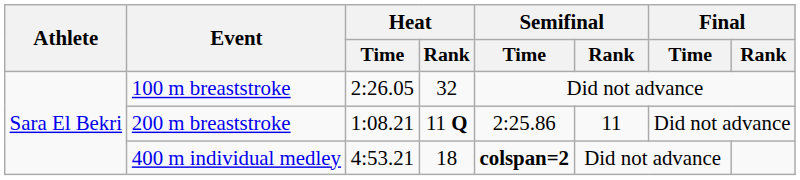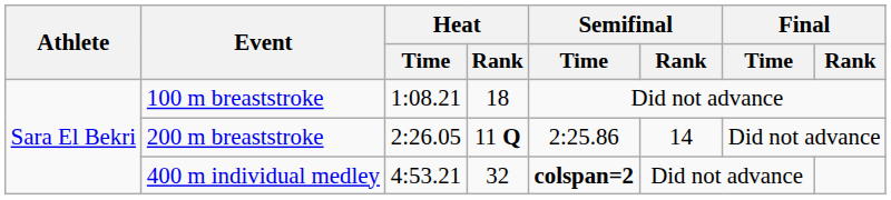 <table class=wikitable style="font-size:90%">
 <tr>
 <th rowspan="2">Athlete</th>
 <th rowspan="2">Event</th>
 <th colspan="2">Heat</th>
 <th colspan="2">Semifinal</th>
 <th colspan="2">Final</th>
 </tr>
 <tr style="font-size:95%">
 <th>Time</th>
 <th>Rank</th>
 <th>Time</th>
 <th>Rank</th>
 <th>Time</th>
 <th>Rank</th>
 </tr>
 <tr align=center>
 <td align=left rowspan=3><a href='#'>Sara El Bekri</a></td>
 <td align=left><a href='#'>100 m breaststroke</a></td>
-<td>2:26.05</td>
-<td>32</td>
+<td>1:08.21</td>
+<td>18</td>
 <td colspan=4>Did not advance</td>
 </tr>
 <tr align=center>
 <td align=left><a href='#'>200 m breaststroke</a></td>
-<td>1:08.21</td>
+<td>2:26.05</td>
 <td>11 <strong>Q</strong></td>
 <td>2:25.86</td>
-<td>11</td>
+<td>14</td>
 <td colspan=2>Did not advance</td>
 </tr>
 <tr align=center>
 <td align=left><a href='#'>400 m individual medley</a></td>
 <td>4:53.21</td>
-<td>18</td>
+<td>32</td>
 <td><strong>colspan=2 </strong></td>
 <td colspan=2>Did not advance</td>
 </tr>
 </table>
